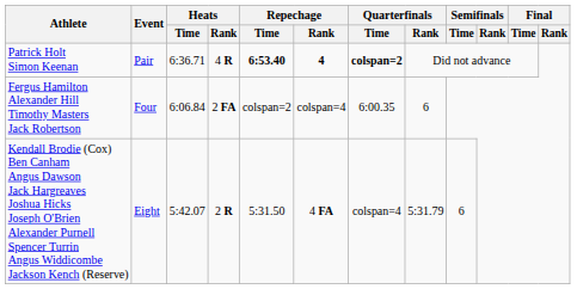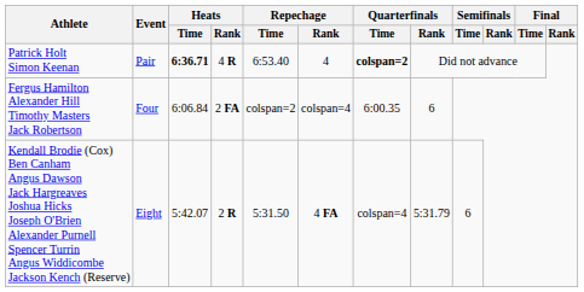 <table class=wikitable style=font-size:90%;text-align:center>
 <tr>
 <th rowspan=2>Athlete</th>
 <th rowspan=2>Event</th>
 <th colspan=2>Heats</th>
 <th colspan=2>Repechage</th>
 <th colspan=2>Quarterfinals</th>
 <th colspan=2>Semifinals</th>
 <th colspan=2>Final</th>
 </tr>
 <tr style=font-size:95%>
 <th>Time</th>
 <th>Rank</th>
 <th>Time</th>
 <th>Rank</th>
 <th>Time</th>
 <th>Rank</th>
 <th>Time</th>
 <th>Rank</th>
 <th>Time</th>
 <th>Rank</th>
 </tr>
 <tr>
 <td align=left><a href='#'>Patrick Holt</a><br><a href='#'>Simon Keenan</a></td>
 <td align=left><a href='#'>Pair</a></td>
-<td>6:36.71</td>
+<td><strong>6:36.71</strong></td>
 <td>4 <strong>R</strong></td>
-<td><strong>6:53.40</strong></td>
-<td><strong>4</strong></td>
+<td>6:53.40</td>
+<td>4</td>
 <td><strong>colspan=2 </strong></td>
 <td colspan=4>Did not advance</td>
 </tr>
 <tr>
 <td align=left><a href='#'>Fergus Hamilton</a><br><a href='#'>Alexander Hill</a><br><a href='#'>Timothy Masters</a><br><a href='#'>Jack Robertson</a></td>
 <td align=left><a href='#'>Four</a></td>
 <td>6:06.84</td>
 <td>2 <strong>FA</strong></td>
 <td>colspan=2 </td>
 <td>colspan=4 </td>
 <td>6:00.35</td>
 <td>6</td>
 </tr>
 <tr>
 <td align=left><a href='#'>Kendall Brodie</a> (Cox) <br><a href='#'>Ben Canham</a><br><a href='#'>Angus Dawson</a><br><a href='#'>Jack Hargreaves</a><br><a href='#'>Joshua Hicks</a><br><a href='#'>Joseph O'Brien</a><br><a href='#'>Alexander Purnell</a><br><a href='#'>Spencer Turrin</a><br><a href='#'>Angus Widdicombe</a><br><a href='#'>Jackson Kench</a> (Reserve)</td>
 <td align=left><a href='#'>Eight</a></td>
 <td>5:42.07</td>
 <td>2 <strong>R</strong></td>
 <td>5:31.50</td>
 <td>4 <strong>FA</strong></td>
 <td>colspan=4 </td>
 <td>5:31.79</td>
 <td>6</td>
 </tr>
 </table>
